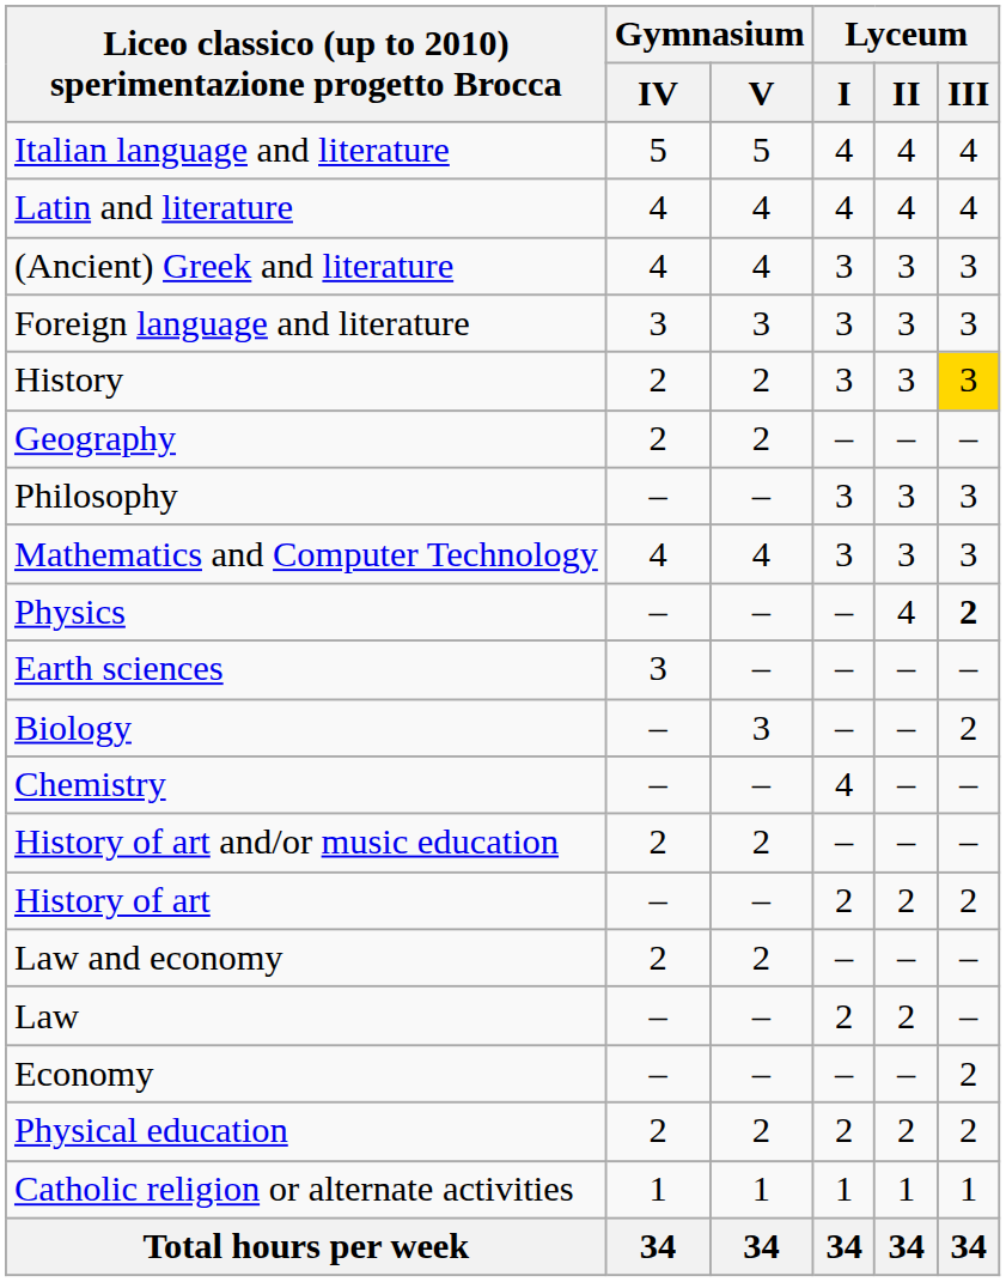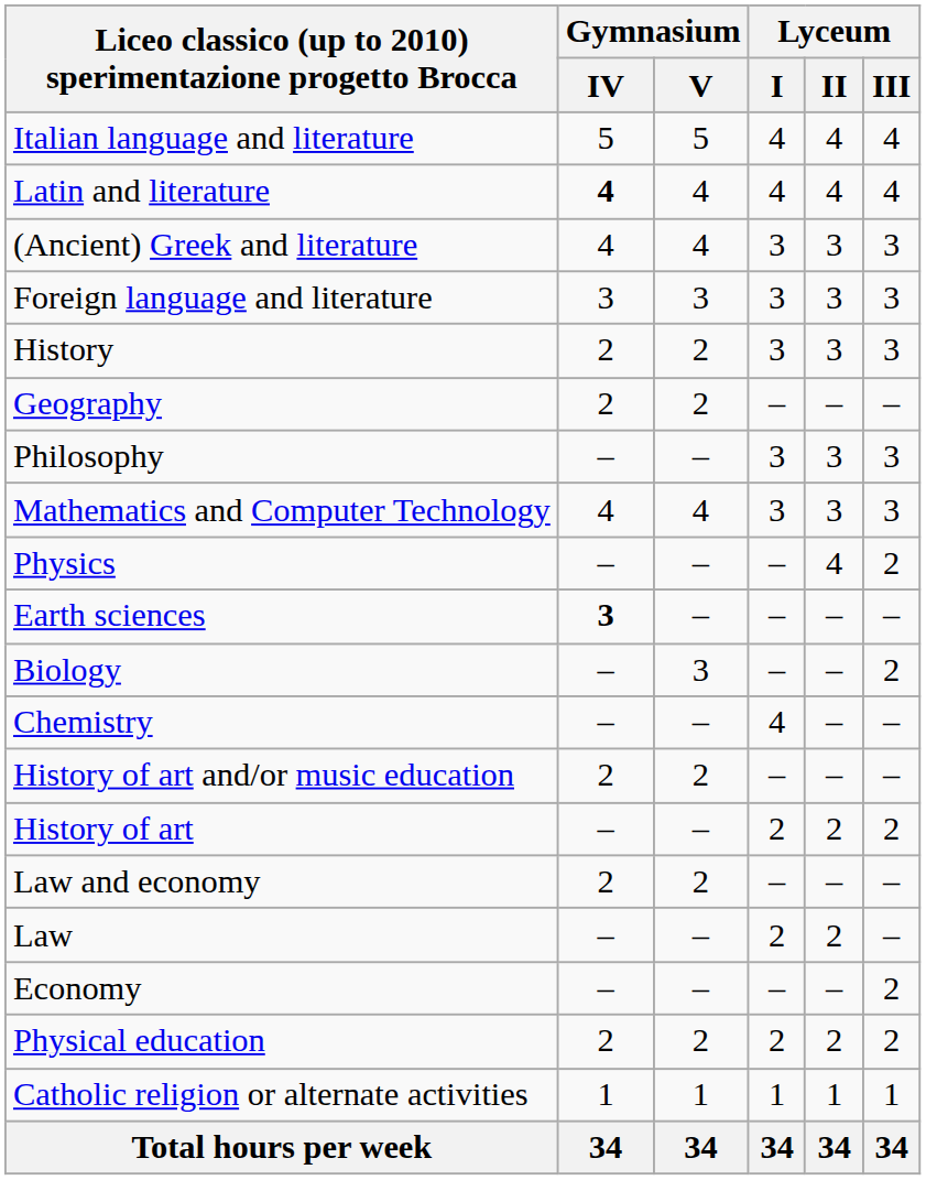 <table class="wikitable">
 <tr>
 <th rowspan="2">Liceo classico (up to 2010)<br>sperimentazione progetto Brocca</th>
 <th colspan="2">Gymnasium</th>
 <th colspan="3">Lyceum</th>
 </tr>
 <tr>
 <th width="20">IV</th>
 <th width="20">V</th>
 <th width="20">I</th>
 <th width="20">II</th>
 <th width="20">III</th>
 </tr>
 <tr align="center">
 <td align="left"><a href='#'>Italian language</a> and <a href='#'>literature</a></td>
 <td>5</td>
 <td>5</td>
 <td>4</td>
 <td>4</td>
 <td>4</td>
 </tr>
 <tr align="center">
 <td align="left"><a href='#'>Latin</a> and <a href='#'>literature</a></td>
-<td>4</td>
+<td><strong>4</strong></td>
 <td>4</td>
 <td>4</td>
 <td>4</td>
 <td>4</td>
 </tr>
 <tr align="center">
 <td align="left">(Ancient) <a href='#'>Greek</a> and <a href='#'>literature</a></td>
 <td>4</td>
 <td>4</td>
 <td>3</td>
 <td>3</td>
 <td>3</td>
 </tr>
 <tr align="center">
 <td align="left">Foreign <a href='#'>language</a> and literature</td>
 <td>3</td>
 <td>3</td>
 <td>3</td>
 <td>3</td>
 <td>3</td>
 </tr>
 <tr align="center">
 <td align="left">History</td>
 <td>2</td>
 <td>2</td>
 <td>3</td>
 <td>3</td>
-<td style="background: gold;">3</td>
+<td>3</td>
 </tr>
 <tr align="center">
 <td align="left"><a href='#'>Geography</a></td>
 <td>2</td>
 <td>2</td>
 <td>–</td>
 <td>–</td>
 <td>–</td>
 </tr>
 <tr align="center">
 <td align="left">Philosophy</td>
 <td>–</td>
 <td>–</td>
 <td>3</td>
 <td>3</td>
 <td>3</td>
 </tr>
 <tr align="center">
 <td align="left"><a href='#'>Mathematics</a> and <a href='#'>Computer Technology</a></td>
 <td>4</td>
 <td>4</td>
 <td>3</td>
 <td>3</td>
 <td>3</td>
 </tr>
 <tr align="center">
 <td align="left"><a href='#'>Physics</a></td>
 <td>–</td>
 <td>–</td>
 <td>–</td>
 <td>4</td>
-<td><strong>2</strong></td>
+<td>2</td>
 </tr>
 <tr align="center">
 <td align="left"><a href='#'>Earth sciences</a></td>
-<td>3</td>
+<td><strong>3</strong></td>
 <td>–</td>
 <td>–</td>
 <td>–</td>
 <td>–</td>
 </tr>
 <tr align="center">
 <td align="left"><a href='#'>Biology</a></td>
 <td>–</td>
 <td>3</td>
 <td>–</td>
 <td>–</td>
 <td>2</td>
 </tr>
 <tr align="center">
 <td align="left"><a href='#'>Chemistry</a></td>
 <td>–</td>
 <td>–</td>
 <td>4</td>
 <td>–</td>
 <td>–</td>
 </tr>
 <tr align="center">
 <td align="left"><a href='#'>History of art</a> and/or <a href='#'>music education</a></td>
 <td>2</td>
 <td>2</td>
 <td>–</td>
 <td>–</td>
 <td>–</td>
 </tr>
 <tr align="center">
 <td align="left"><a href='#'>History of art</a></td>
 <td>–</td>
 <td>–</td>
 <td>2</td>
 <td>2</td>
 <td>2</td>
 </tr>
 <tr align="center">
 <td align="left">Law and economy</td>
 <td>2</td>
 <td>2</td>
 <td>–</td>
 <td>–</td>
 <td>–</td>
 </tr>
 <tr align="center">
 <td align="left">Law</td>
 <td>–</td>
 <td>–</td>
 <td>2</td>
 <td>2</td>
 <td>–</td>
 </tr>
 <tr align="center">
 <td align="left">Economy</td>
 <td>–</td>
 <td>–</td>
 <td>–</td>
 <td>–</td>
 <td>2</td>
 </tr>
 <tr align="center">
 <td align="left"><a href='#'>Physical education</a></td>
 <td>2</td>
 <td>2</td>
 <td>2</td>
 <td>2</td>
 <td>2</td>
 </tr>
 <tr align="center">
 <td align="left"><a href='#'>Catholic religion</a> or alternate activities</td>
 <td>1</td>
 <td>1</td>
 <td>1</td>
 <td>1</td>
 <td>1</td>
 </tr>
 <tr>
 <th>Total hours per week</th>
 <th>34</th>
 <th>34</th>
 <th>34</th>
 <th>34</th>
 <th>34</th>
 </tr>
 </table>
